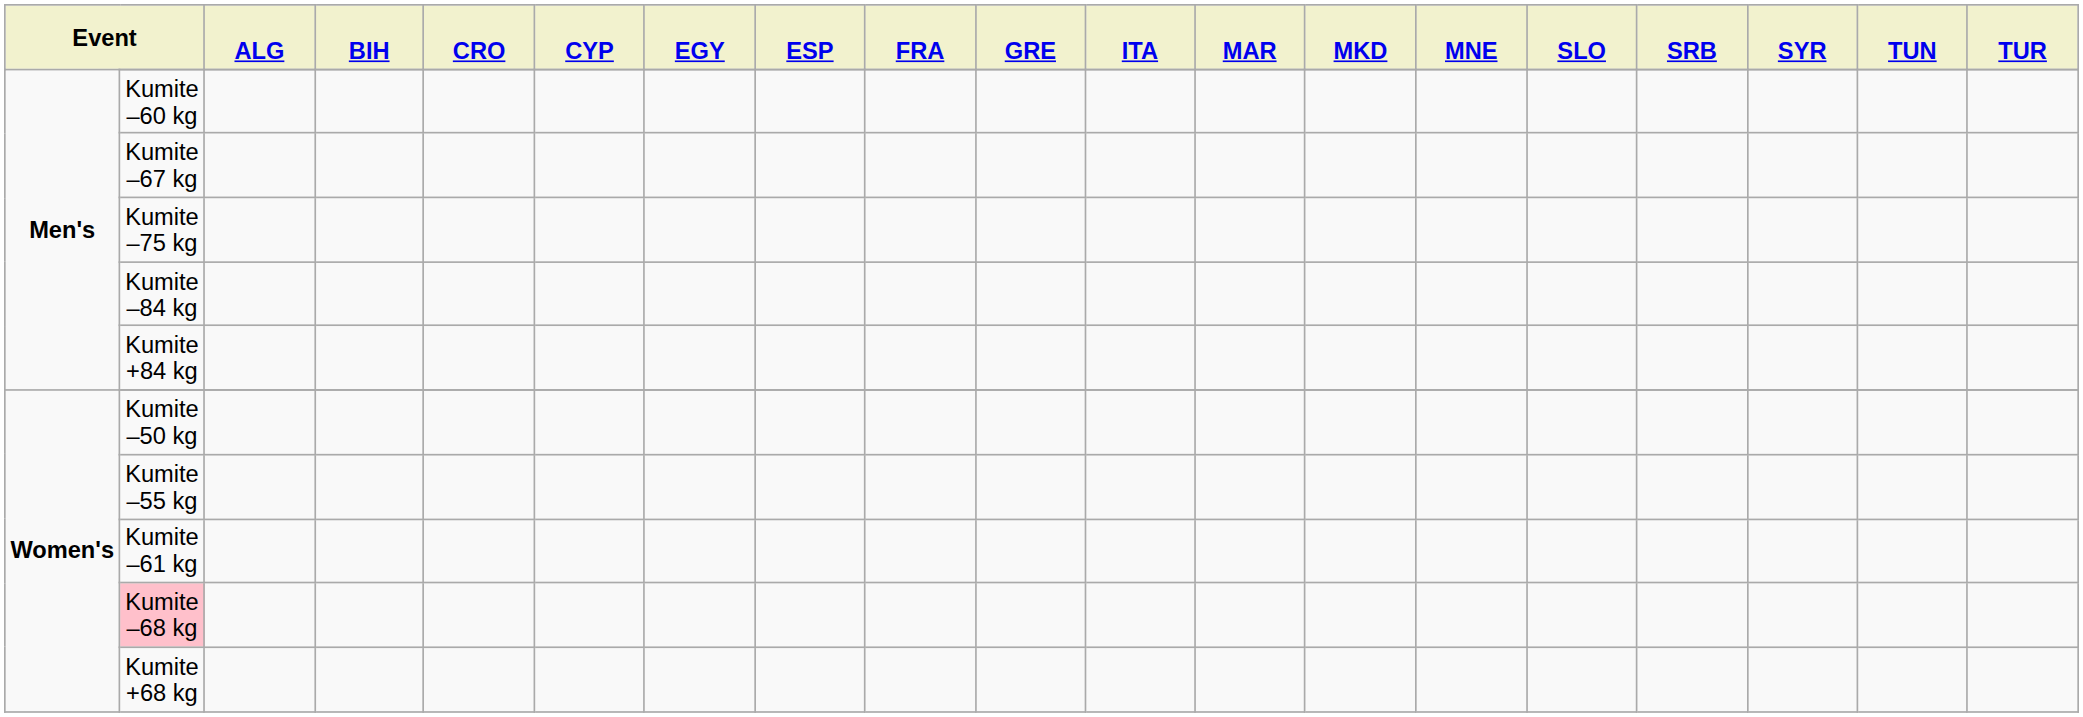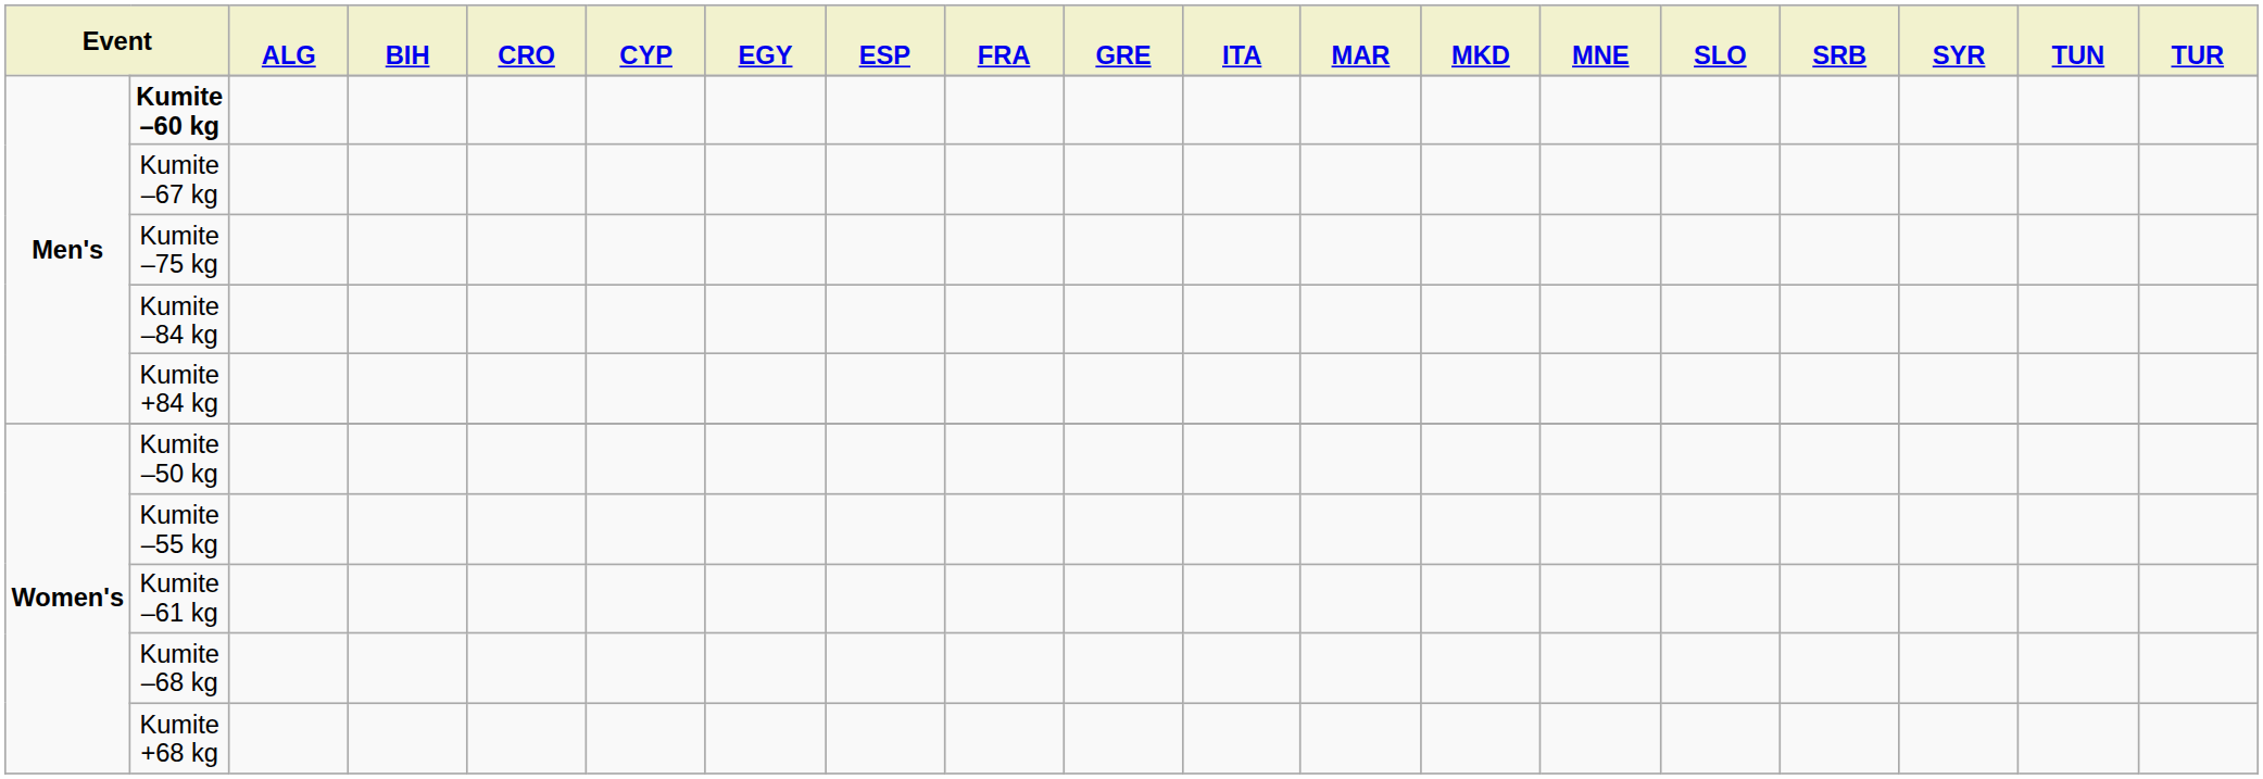 <table class="wikitable" style="margin-top:0em; text-align:center; font-size:89%;">
 <tr>
 <th colspan="2" style="background-color:#f2f2ce; width:15.0em;">Event</th>
 <th style="background-color:#f2f2ce; width:4.5em;"><br><a href='#'>ALG</a></th>
 <th style="background-color:#f2f2ce; width:4.5em;"><br><a href='#'>BIH</a></th>
 <th style="background-color:#f2f2ce; width:4.5em;"><br><a href='#'>CRO</a></th>
 <th style="background-color:#f2f2ce; width:4.5em;"><br><a href='#'>CYP</a></th>
 <th style="background-color:#f2f2ce; width:4.5em;"><br><a href='#'>EGY</a></th>
 <th style="background-color:#f2f2ce; width:4.5em;"><br><a href='#'>ESP</a></th>
 <th style="background-color:#f2f2ce; width:4.5em;"><br><a href='#'>FRA</a></th>
 <th style="background-color:#f2f2ce; width:4.5em;"><br><a href='#'>GRE</a></th>
 <th style="background-color:#f2f2ce; width:4.5em;"><br><a href='#'>ITA</a></th>
 <th style="background-color:#f2f2ce; width:4.5em;"><br><a href='#'>MAR</a></th>
 <th style="background-color:#f2f2ce; width:4.5em;"><br><a href='#'>MKD</a></th>
 <th style="background-color:#f2f2ce; width:4.5em;"><br><a href='#'>MNE</a></th>
 <th style="background-color:#f2f2ce; width:4.5em;"><br><a href='#'>SLO</a></th>
 <th style="background-color:#f2f2ce; width:4.5em;"><br><a href='#'>SRB</a></th>
 <th style="background-color:#f2f2ce; width:4.5em;"><br><a href='#'>SYR</a></th>
 <th style="background-color:#f2f2ce; width:4.5em;"><br><a href='#'>TUN</a></th>
 <th style="background-color:#f2f2ce; width:4.5em;"><br><a href='#'>TUR</a></th>
 </tr>
 <tr>
 <td rowspan="6"><strong>Men's</strong></td>
 </tr>
 <tr>
-<td>Kumite –60 kg</td>
+<td><strong>Kumite –60 kg</strong></td>
 <td></td>
 <td></td>
 <td></td>
 <td></td>
 <td></td>
 <td></td>
 <td></td>
 <td></td>
 <td></td>
 <td></td>
 <td></td>
 <td></td>
 <td></td>
 <td></td>
 <td></td>
 <td></td>
 <td></td>
 </tr>
 <tr>
 <td>Kumite –67 kg</td>
 <td></td>
 <td></td>
 <td></td>
 <td></td>
 <td></td>
 <td></td>
 <td></td>
 <td></td>
 <td></td>
 <td></td>
 <td></td>
 <td></td>
 <td></td>
 <td></td>
 <td></td>
 <td></td>
 <td></td>
 </tr>
 <tr>
 <td>Kumite –75 kg</td>
 <td></td>
 <td></td>
 <td></td>
 <td></td>
 <td></td>
 <td></td>
 <td></td>
 <td></td>
 <td></td>
 <td></td>
 <td></td>
 <td></td>
 <td></td>
 <td></td>
 <td></td>
 <td></td>
 <td></td>
 </tr>
 <tr>
 <td>Kumite –84 kg</td>
 <td></td>
 <td></td>
 <td></td>
 <td></td>
 <td></td>
 <td></td>
 <td></td>
 <td></td>
 <td></td>
 <td></td>
 <td></td>
 <td></td>
 <td></td>
 <td></td>
 <td></td>
 <td></td>
 <td></td>
 </tr>
 <tr>
 <td>Kumite +84 kg</td>
 <td></td>
 <td></td>
 <td></td>
 <td></td>
 <td></td>
 <td></td>
 <td></td>
 <td></td>
 <td></td>
 <td></td>
 <td></td>
 <td></td>
 <td></td>
 <td></td>
 <td></td>
 <td></td>
 <td></td>
 </tr>
 <tr>
 <td rowspan="6"><strong>Women's</strong></td>
 </tr>
 <tr>
 <td>Kumite –50 kg</td>
 <td></td>
 <td></td>
 <td></td>
 <td></td>
 <td></td>
 <td></td>
 <td></td>
 <td></td>
 <td></td>
 <td></td>
 <td></td>
 <td></td>
 <td></td>
 <td></td>
 <td></td>
 <td></td>
 <td></td>
 </tr>
 <tr>
 <td>Kumite –55 kg</td>
 <td></td>
 <td></td>
 <td></td>
 <td></td>
 <td></td>
 <td></td>
 <td></td>
 <td></td>
 <td></td>
 <td></td>
 <td></td>
 <td></td>
 <td></td>
 <td></td>
 <td></td>
 <td></td>
 <td></td>
 </tr>
 <tr>
 <td>Kumite –61 kg</td>
 <td></td>
 <td></td>
 <td></td>
 <td></td>
 <td></td>
 <td></td>
 <td></td>
 <td></td>
 <td></td>
 <td></td>
 <td></td>
 <td></td>
 <td></td>
 <td></td>
 <td></td>
 <td></td>
 <td></td>
 </tr>
 <tr>
-<td style="background: pink;">Kumite –68 kg</td>
+<td>Kumite –68 kg</td>
 <td></td>
 <td></td>
 <td></td>
 <td></td>
 <td></td>
 <td></td>
 <td></td>
 <td></td>
 <td></td>
 <td></td>
 <td></td>
 <td></td>
 <td></td>
 <td></td>
 <td></td>
 <td></td>
 <td></td>
 </tr>
 <tr>
 <td>Kumite +68 kg</td>
 <td></td>
 <td></td>
 <td></td>
 <td></td>
 <td></td>
 <td></td>
 <td></td>
 <td></td>
 <td></td>
 <td></td>
 <td></td>
 <td></td>
 <td></td>
 <td></td>
 <td></td>
 <td></td>
 <td></td>
 </tr>
 </table>
